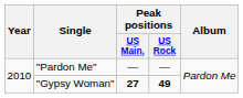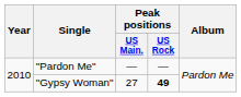 <table class="wikitable">
 <tr>
 <th rowspan="2">Year</th>
 <th rowspan="2">Single</th>
 <th colspan="2">Peak positions</th>
 <th rowspan="2">Album</th>
 </tr>
 <tr>
 <th style="width:3em;font-size:85%"><a href='#'>US<br>Main.</a></th>
 <th style="width:3em;font-size:85%"><a href='#'>US<br>Rock</a></th>
 </tr>
 <tr>
 <td rowspan="2">2010</td>
 <td>"Pardon Me"</td>
 <td style="text-align:center;">—</td>
 <td style="text-align:center;">—</td>
 <td rowspan="2"><em>Pardon Me</em></td>
 </tr>
 <tr>
 <td>"Gypsy Woman"</td>
-<td style="text-align:center;"><strong>27</strong></td>
+<td style="text-align:center;">27</td>
 <td style="text-align:center;"><strong>49</strong></td>
 </tr>
 </table>
